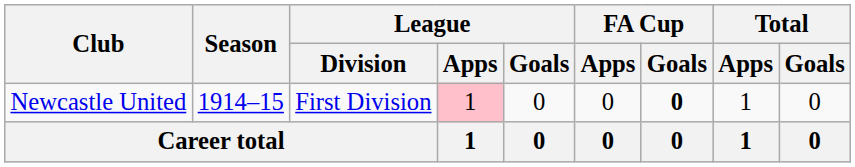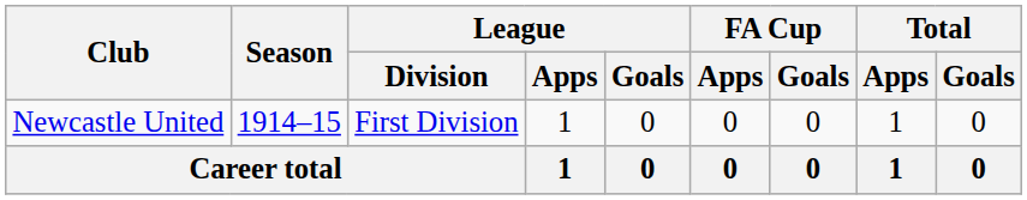 <table class="wikitable" style="text-align: center;">
 <tr>
 <th rowspan="2">Club</th>
 <th rowspan="2">Season</th>
 <th colspan="3">League</th>
 <th colspan="2">FA Cup</th>
 <th colspan="2">Total</th>
 </tr>
 <tr>
 <th>Division</th>
 <th>Apps</th>
 <th>Goals</th>
 <th>Apps</th>
 <th>Goals</th>
 <th>Apps</th>
 <th>Goals</th>
 </tr>
 <tr>
 <td><a href='#'>Newcastle United</a></td>
 <td><a href='#'>1914–15</a></td>
 <td><a href='#'>First Division</a></td>
-<td style="background: pink;">1</td>
+<td>1</td>
 <td>0</td>
 <td>0</td>
-<td><strong>0</strong></td>
+<td>0</td>
 <td>1</td>
 <td>0</td>
 </tr>
 <tr>
 <th colspan="3">Career total</th>
 <th>1</th>
 <th>0</th>
 <th>0</th>
 <th>0</th>
 <th>1</th>
 <th>0</th>
 </tr>
 </table>
